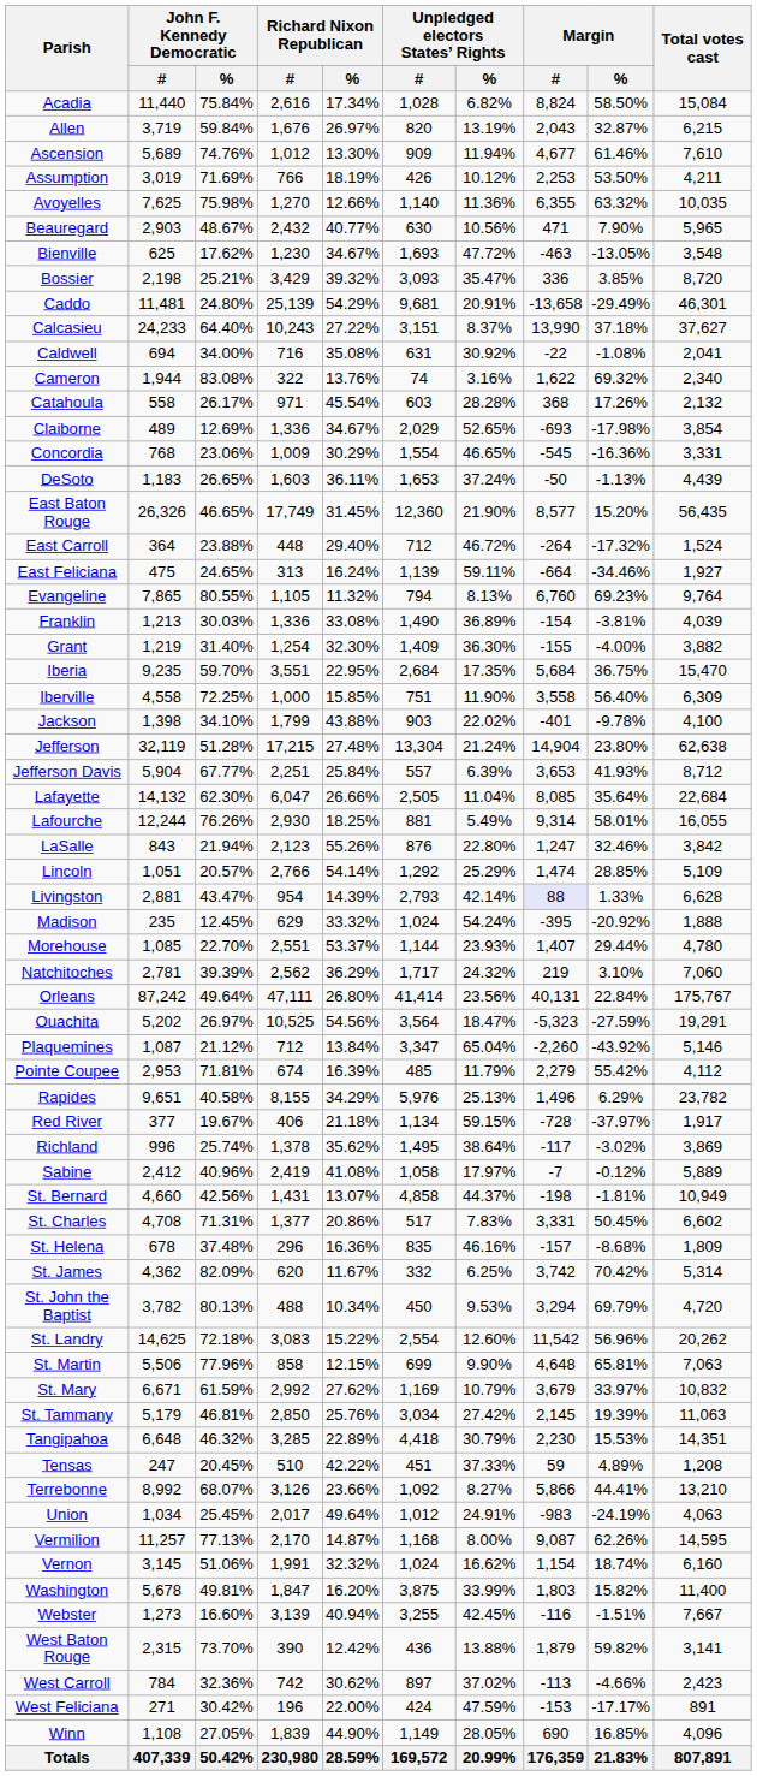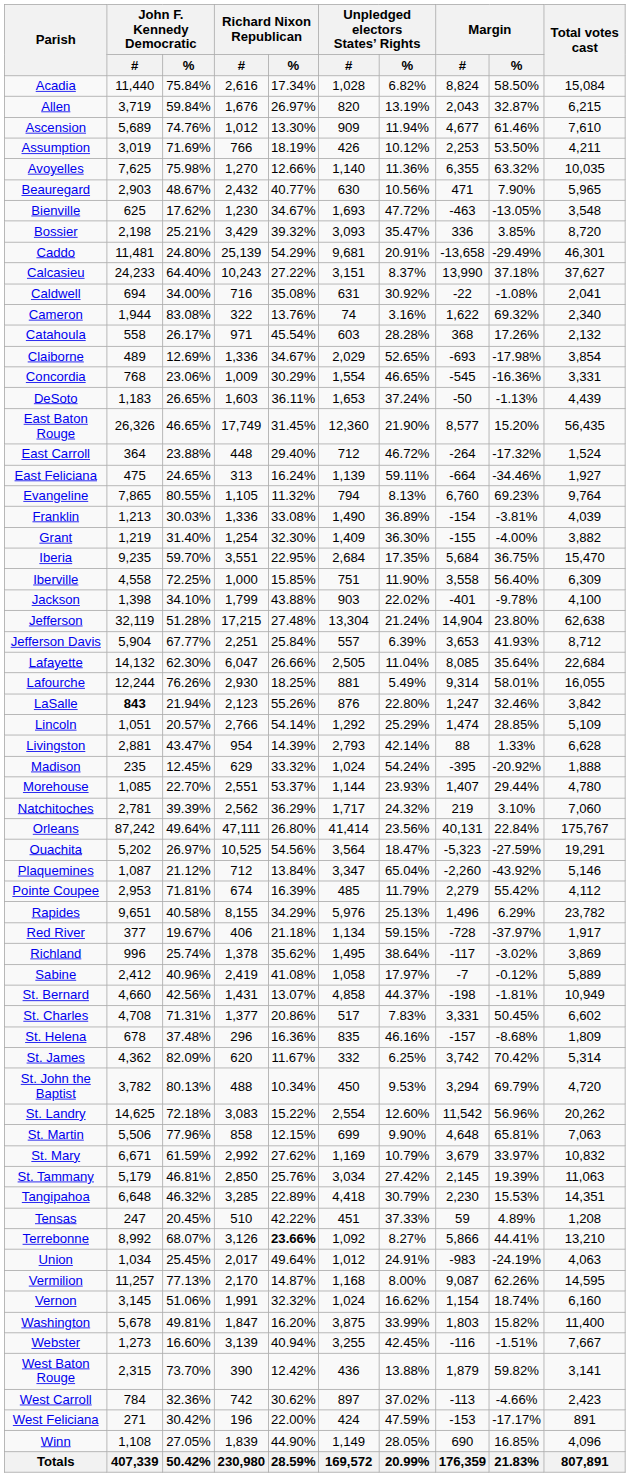 <table width="60%" class="wikitable sortable">
 <tr>
 <th rowspan="2">Parish</th>
 <th colspan="2">John F. Kennedy<br>Democratic</th>
 <th colspan="2">Richard Nixon<br>Republican</th>
 <th colspan="2">Unpledged electors<br>States’ Rights</th>
 <th colspan="2">Margin</th>
 <th rowspan="2">Total votes cast</th>
 </tr>
 <tr>
 <th style="text-align:center;" data-sort-type="number">#</th>
 <th style="text-align:center;" data-sort-type="number">%</th>
 <th style="text-align:center;" data-sort-type="number">#</th>
 <th style="text-align:center;" data-sort-type="number">%</th>
 <th style="text-align:center;" data-sort-type="number">#</th>
 <th style="text-align:center;" data-sort-type="number">%</th>
 <th style="text-align:center;" data-sort-type="number">#</th>
 <th style="text-align:center;" data-sort-type="number">%</th>
 </tr>
 <tr style="text-align:center;">
 <td><a href='#'>Acadia</a></td>
 <td>11,440</td>
 <td>75.84%</td>
 <td>2,616</td>
 <td>17.34%</td>
 <td>1,028</td>
 <td>6.82%</td>
 <td>8,824</td>
 <td>58.50%</td>
 <td>15,084</td>
 </tr>
 <tr style="text-align:center;">
 <td><a href='#'>Allen</a></td>
 <td>3,719</td>
 <td>59.84%</td>
 <td>1,676</td>
 <td>26.97%</td>
 <td>820</td>
 <td>13.19%</td>
 <td>2,043</td>
 <td>32.87%</td>
 <td>6,215</td>
 </tr>
 <tr style="text-align:center;">
 <td><a href='#'>Ascension</a></td>
 <td>5,689</td>
 <td>74.76%</td>
 <td>1,012</td>
 <td>13.30%</td>
 <td>909</td>
 <td>11.94%</td>
 <td>4,677</td>
 <td>61.46%</td>
 <td>7,610</td>
 </tr>
 <tr style="text-align:center;">
 <td><a href='#'>Assumption</a></td>
 <td>3,019</td>
 <td>71.69%</td>
 <td>766</td>
 <td>18.19%</td>
 <td>426</td>
 <td>10.12%</td>
 <td>2,253</td>
 <td>53.50%</td>
 <td>4,211</td>
 </tr>
 <tr style="text-align:center;">
 <td><a href='#'>Avoyelles</a></td>
 <td>7,625</td>
 <td>75.98%</td>
 <td>1,270</td>
 <td>12.66%</td>
 <td>1,140</td>
 <td>11.36%</td>
 <td>6,355</td>
 <td>63.32%</td>
 <td>10,035</td>
 </tr>
 <tr style="text-align:center;">
 <td><a href='#'>Beauregard</a></td>
 <td>2,903</td>
 <td>48.67%</td>
 <td>2,432</td>
 <td>40.77%</td>
 <td>630</td>
 <td>10.56%</td>
 <td>471</td>
 <td>7.90%</td>
 <td>5,965</td>
 </tr>
 <tr style="text-align:center;">
 <td><a href='#'>Bienville</a></td>
 <td>625</td>
 <td>17.62%</td>
 <td>1,230</td>
 <td>34.67%</td>
 <td>1,693</td>
 <td>47.72%</td>
 <td>-463</td>
 <td>-13.05%</td>
 <td>3,548</td>
 </tr>
 <tr style="text-align:center;">
 <td><a href='#'>Bossier</a></td>
 <td>2,198</td>
 <td>25.21%</td>
 <td>3,429</td>
 <td>39.32%</td>
 <td>3,093</td>
 <td>35.47%</td>
 <td>336</td>
 <td>3.85%</td>
 <td>8,720</td>
 </tr>
 <tr style="text-align:center;">
 <td><a href='#'>Caddo</a></td>
 <td>11,481</td>
 <td>24.80%</td>
 <td>25,139</td>
 <td>54.29%</td>
 <td>9,681</td>
 <td>20.91%</td>
 <td>-13,658</td>
 <td>-29.49%</td>
 <td>46,301</td>
 </tr>
 <tr style="text-align:center;">
 <td><a href='#'>Calcasieu</a></td>
 <td>24,233</td>
 <td>64.40%</td>
 <td>10,243</td>
 <td>27.22%</td>
 <td>3,151</td>
 <td>8.37%</td>
 <td>13,990</td>
 <td>37.18%</td>
 <td>37,627</td>
 </tr>
 <tr style="text-align:center;">
 <td><a href='#'>Caldwell</a></td>
 <td>694</td>
 <td>34.00%</td>
 <td>716</td>
 <td>35.08%</td>
 <td>631</td>
 <td>30.92%</td>
 <td>-22</td>
 <td>-1.08%</td>
 <td>2,041</td>
 </tr>
 <tr style="text-align:center;">
 <td><a href='#'>Cameron</a></td>
 <td>1,944</td>
 <td>83.08%</td>
 <td>322</td>
 <td>13.76%</td>
 <td>74</td>
 <td>3.16%</td>
 <td>1,622</td>
 <td>69.32%</td>
 <td>2,340</td>
 </tr>
 <tr style="text-align:center;">
 <td><a href='#'>Catahoula</a></td>
 <td>558</td>
 <td>26.17%</td>
 <td>971</td>
 <td>45.54%</td>
 <td>603</td>
 <td>28.28%</td>
 <td>368</td>
 <td>17.26%</td>
 <td>2,132</td>
 </tr>
 <tr style="text-align:center;">
 <td><a href='#'>Claiborne</a></td>
 <td>489</td>
 <td>12.69%</td>
 <td>1,336</td>
 <td>34.67%</td>
 <td>2,029</td>
 <td>52.65%</td>
 <td>-693</td>
 <td>-17.98%</td>
 <td>3,854</td>
 </tr>
 <tr style="text-align:center;">
 <td><a href='#'>Concordia</a></td>
 <td>768</td>
 <td>23.06%</td>
 <td>1,009</td>
 <td>30.29%</td>
 <td>1,554</td>
 <td>46.65%</td>
 <td>-545</td>
 <td>-16.36%</td>
 <td>3,331</td>
 </tr>
 <tr style="text-align:center;">
 <td><a href='#'>DeSoto</a></td>
 <td>1,183</td>
 <td>26.65%</td>
 <td>1,603</td>
 <td>36.11%</td>
 <td>1,653</td>
 <td>37.24%</td>
 <td>-50</td>
 <td>-1.13%</td>
 <td>4,439</td>
 </tr>
 <tr style="text-align:center;">
 <td><a href='#'>East Baton Rouge</a></td>
 <td>26,326</td>
 <td>46.65%</td>
 <td>17,749</td>
 <td>31.45%</td>
 <td>12,360</td>
 <td>21.90%</td>
 <td>8,577</td>
 <td>15.20%</td>
 <td>56,435</td>
 </tr>
 <tr style="text-align:center;">
 <td><a href='#'>East Carroll</a></td>
 <td>364</td>
 <td>23.88%</td>
 <td>448</td>
 <td>29.40%</td>
 <td>712</td>
 <td>46.72%</td>
 <td>-264</td>
 <td>-17.32%</td>
 <td>1,524</td>
 </tr>
 <tr style="text-align:center;">
 <td><a href='#'>East Feliciana</a></td>
 <td>475</td>
 <td>24.65%</td>
 <td>313</td>
 <td>16.24%</td>
 <td>1,139</td>
 <td>59.11%</td>
 <td>-664</td>
 <td>-34.46%</td>
 <td>1,927</td>
 </tr>
 <tr style="text-align:center;">
 <td><a href='#'>Evangeline</a></td>
 <td>7,865</td>
 <td>80.55%</td>
 <td>1,105</td>
 <td>11.32%</td>
 <td>794</td>
 <td>8.13%</td>
 <td>6,760</td>
 <td>69.23%</td>
 <td>9,764</td>
 </tr>
 <tr style="text-align:center;">
 <td><a href='#'>Franklin</a></td>
 <td>1,213</td>
 <td>30.03%</td>
 <td>1,336</td>
 <td>33.08%</td>
 <td>1,490</td>
 <td>36.89%</td>
 <td>-154</td>
 <td>-3.81%</td>
 <td>4,039</td>
 </tr>
 <tr style="text-align:center;">
 <td><a href='#'>Grant</a></td>
 <td>1,219</td>
 <td>31.40%</td>
 <td>1,254</td>
 <td>32.30%</td>
 <td>1,409</td>
 <td>36.30%</td>
 <td>-155</td>
 <td>-4.00%</td>
 <td>3,882</td>
 </tr>
 <tr style="text-align:center;">
 <td><a href='#'>Iberia</a></td>
 <td>9,235</td>
 <td>59.70%</td>
 <td>3,551</td>
 <td>22.95%</td>
 <td>2,684</td>
 <td>17.35%</td>
 <td>5,684</td>
 <td>36.75%</td>
 <td>15,470</td>
 </tr>
 <tr style="text-align:center;">
 <td><a href='#'>Iberville</a></td>
 <td>4,558</td>
 <td>72.25%</td>
 <td>1,000</td>
 <td>15.85%</td>
 <td>751</td>
 <td>11.90%</td>
 <td>3,558</td>
 <td>56.40%</td>
 <td>6,309</td>
 </tr>
 <tr style="text-align:center;">
 <td><a href='#'>Jackson</a></td>
 <td>1,398</td>
 <td>34.10%</td>
 <td>1,799</td>
 <td>43.88%</td>
 <td>903</td>
 <td>22.02%</td>
 <td>-401</td>
 <td>-9.78%</td>
 <td>4,100</td>
 </tr>
 <tr style="text-align:center;">
 <td><a href='#'>Jefferson</a></td>
 <td>32,119</td>
 <td>51.28%</td>
 <td>17,215</td>
 <td>27.48%</td>
 <td>13,304</td>
 <td>21.24%</td>
 <td>14,904</td>
 <td>23.80%</td>
 <td>62,638</td>
 </tr>
 <tr style="text-align:center;">
 <td><a href='#'>Jefferson Davis</a></td>
 <td>5,904</td>
 <td>67.77%</td>
 <td>2,251</td>
 <td>25.84%</td>
 <td>557</td>
 <td>6.39%</td>
 <td>3,653</td>
 <td>41.93%</td>
 <td>8,712</td>
 </tr>
 <tr style="text-align:center;">
 <td><a href='#'>Lafayette</a></td>
 <td>14,132</td>
 <td>62.30%</td>
 <td>6,047</td>
 <td>26.66%</td>
 <td>2,505</td>
 <td>11.04%</td>
 <td>8,085</td>
 <td>35.64%</td>
 <td>22,684</td>
 </tr>
 <tr style="text-align:center;">
 <td><a href='#'>Lafourche</a></td>
 <td>12,244</td>
 <td>76.26%</td>
 <td>2,930</td>
 <td>18.25%</td>
 <td>881</td>
 <td>5.49%</td>
 <td>9,314</td>
 <td>58.01%</td>
 <td>16,055</td>
 </tr>
 <tr style="text-align:center;">
 <td><a href='#'>LaSalle</a></td>
-<td>843</td>
+<td><strong>843</strong></td>
 <td>21.94%</td>
 <td>2,123</td>
 <td>55.26%</td>
 <td>876</td>
 <td>22.80%</td>
 <td>1,247</td>
 <td>32.46%</td>
 <td>3,842</td>
 </tr>
 <tr style="text-align:center;">
 <td><a href='#'>Lincoln</a></td>
 <td>1,051</td>
 <td>20.57%</td>
 <td>2,766</td>
 <td>54.14%</td>
 <td>1,292</td>
 <td>25.29%</td>
 <td>1,474</td>
 <td>28.85%</td>
 <td>5,109</td>
 </tr>
 <tr style="text-align:center;">
 <td><a href='#'>Livingston</a></td>
 <td>2,881</td>
 <td>43.47%</td>
 <td>954</td>
 <td>14.39%</td>
 <td>2,793</td>
 <td>42.14%</td>
-<td style="background: lavender;">88</td>
+<td>88</td>
 <td>1.33%</td>
 <td>6,628</td>
 </tr>
 <tr style="text-align:center;">
 <td><a href='#'>Madison</a></td>
 <td>235</td>
 <td>12.45%</td>
 <td>629</td>
 <td>33.32%</td>
 <td>1,024</td>
 <td>54.24%</td>
 <td>-395</td>
 <td>-20.92%</td>
 <td>1,888</td>
 </tr>
 <tr style="text-align:center;">
 <td><a href='#'>Morehouse</a></td>
 <td>1,085</td>
 <td>22.70%</td>
 <td>2,551</td>
 <td>53.37%</td>
 <td>1,144</td>
 <td>23.93%</td>
 <td>1,407</td>
 <td>29.44%</td>
 <td>4,780</td>
 </tr>
 <tr style="text-align:center;">
 <td><a href='#'>Natchitoches</a></td>
 <td>2,781</td>
 <td>39.39%</td>
 <td>2,562</td>
 <td>36.29%</td>
 <td>1,717</td>
 <td>24.32%</td>
 <td>219</td>
 <td>3.10%</td>
 <td>7,060</td>
 </tr>
 <tr style="text-align:center;">
 <td><a href='#'>Orleans</a></td>
 <td>87,242</td>
 <td>49.64%</td>
 <td>47,111</td>
 <td>26.80%</td>
 <td>41,414</td>
 <td>23.56%</td>
 <td>40,131</td>
 <td>22.84%</td>
 <td>175,767</td>
 </tr>
 <tr style="text-align:center;">
 <td><a href='#'>Ouachita</a></td>
 <td>5,202</td>
 <td>26.97%</td>
 <td>10,525</td>
 <td>54.56%</td>
 <td>3,564</td>
 <td>18.47%</td>
 <td>-5,323</td>
 <td>-27.59%</td>
 <td>19,291</td>
 </tr>
 <tr style="text-align:center;">
 <td><a href='#'>Plaquemines</a></td>
 <td>1,087</td>
 <td>21.12%</td>
 <td>712</td>
 <td>13.84%</td>
 <td>3,347</td>
 <td>65.04%</td>
 <td>-2,260</td>
 <td>-43.92%</td>
 <td>5,146</td>
 </tr>
 <tr style="text-align:center;">
 <td><a href='#'>Pointe Coupee</a></td>
 <td>2,953</td>
 <td>71.81%</td>
 <td>674</td>
 <td>16.39%</td>
 <td>485</td>
 <td>11.79%</td>
 <td>2,279</td>
 <td>55.42%</td>
 <td>4,112</td>
 </tr>
 <tr style="text-align:center;">
 <td><a href='#'>Rapides</a></td>
 <td>9,651</td>
 <td>40.58%</td>
 <td>8,155</td>
 <td>34.29%</td>
 <td>5,976</td>
 <td>25.13%</td>
 <td>1,496</td>
 <td>6.29%</td>
 <td>23,782</td>
 </tr>
 <tr style="text-align:center;">
 <td><a href='#'>Red River</a></td>
 <td>377</td>
 <td>19.67%</td>
 <td>406</td>
 <td>21.18%</td>
 <td>1,134</td>
 <td>59.15%</td>
 <td>-728</td>
 <td>-37.97%</td>
 <td>1,917</td>
 </tr>
 <tr style="text-align:center;">
 <td><a href='#'>Richland</a></td>
 <td>996</td>
 <td>25.74%</td>
 <td>1,378</td>
 <td>35.62%</td>
 <td>1,495</td>
 <td>38.64%</td>
 <td>-117</td>
 <td>-3.02%</td>
 <td>3,869</td>
 </tr>
 <tr style="text-align:center;">
 <td><a href='#'>Sabine</a></td>
 <td>2,412</td>
 <td>40.96%</td>
 <td>2,419</td>
 <td>41.08%</td>
 <td>1,058</td>
 <td>17.97%</td>
 <td>-7</td>
 <td>-0.12%</td>
 <td>5,889</td>
 </tr>
 <tr style="text-align:center;">
 <td><a href='#'>St. Bernard</a></td>
 <td>4,660</td>
 <td>42.56%</td>
 <td>1,431</td>
 <td>13.07%</td>
 <td>4,858</td>
 <td>44.37%</td>
 <td>-198</td>
 <td>-1.81%</td>
 <td>10,949</td>
 </tr>
 <tr style="text-align:center;">
 <td><a href='#'>St. Charles</a></td>
 <td>4,708</td>
 <td>71.31%</td>
 <td>1,377</td>
 <td>20.86%</td>
 <td>517</td>
 <td>7.83%</td>
 <td>3,331</td>
 <td>50.45%</td>
 <td>6,602</td>
 </tr>
 <tr style="text-align:center;">
 <td><a href='#'>St. Helena</a></td>
 <td>678</td>
 <td>37.48%</td>
 <td>296</td>
 <td>16.36%</td>
 <td>835</td>
 <td>46.16%</td>
 <td>-157</td>
 <td>-8.68%</td>
 <td>1,809</td>
 </tr>
 <tr style="text-align:center;">
 <td><a href='#'>St. James</a></td>
 <td>4,362</td>
 <td>82.09%</td>
 <td>620</td>
 <td>11.67%</td>
 <td>332</td>
 <td>6.25%</td>
 <td>3,742</td>
 <td>70.42%</td>
 <td>5,314</td>
 </tr>
 <tr style="text-align:center;">
 <td><a href='#'>St. John the Baptist</a></td>
 <td>3,782</td>
 <td>80.13%</td>
 <td>488</td>
 <td>10.34%</td>
 <td>450</td>
 <td>9.53%</td>
 <td>3,294</td>
 <td>69.79%</td>
 <td>4,720</td>
 </tr>
 <tr style="text-align:center;">
 <td><a href='#'>St. Landry</a></td>
 <td>14,625</td>
 <td>72.18%</td>
 <td>3,083</td>
 <td>15.22%</td>
 <td>2,554</td>
 <td>12.60%</td>
 <td>11,542</td>
 <td>56.96%</td>
 <td>20,262</td>
 </tr>
 <tr style="text-align:center;">
 <td><a href='#'>St. Martin</a></td>
 <td>5,506</td>
 <td>77.96%</td>
 <td>858</td>
 <td>12.15%</td>
 <td>699</td>
 <td>9.90%</td>
 <td>4,648</td>
 <td>65.81%</td>
 <td>7,063</td>
 </tr>
 <tr style="text-align:center;">
 <td><a href='#'>St. Mary</a></td>
 <td>6,671</td>
 <td>61.59%</td>
 <td>2,992</td>
 <td>27.62%</td>
 <td>1,169</td>
 <td>10.79%</td>
 <td>3,679</td>
 <td>33.97%</td>
 <td>10,832</td>
 </tr>
 <tr style="text-align:center;">
 <td><a href='#'>St. Tammany</a></td>
 <td>5,179</td>
 <td>46.81%</td>
 <td>2,850</td>
 <td>25.76%</td>
 <td>3,034</td>
 <td>27.42%</td>
 <td>2,145</td>
 <td>19.39%</td>
 <td>11,063</td>
 </tr>
 <tr style="text-align:center;">
 <td><a href='#'>Tangipahoa</a></td>
 <td>6,648</td>
 <td>46.32%</td>
 <td>3,285</td>
 <td>22.89%</td>
 <td>4,418</td>
 <td>30.79%</td>
 <td>2,230</td>
 <td>15.53%</td>
 <td>14,351</td>
 </tr>
 <tr style="text-align:center;">
 <td><a href='#'>Tensas</a></td>
 <td>247</td>
 <td>20.45%</td>
 <td>510</td>
 <td>42.22%</td>
 <td>451</td>
 <td>37.33%</td>
 <td>59</td>
 <td>4.89%</td>
 <td>1,208</td>
 </tr>
 <tr style="text-align:center;">
 <td><a href='#'>Terrebonne</a></td>
 <td>8,992</td>
 <td>68.07%</td>
 <td>3,126</td>
-<td>23.66%</td>
+<td><strong>23.66%</strong></td>
 <td>1,092</td>
 <td>8.27%</td>
 <td>5,866</td>
 <td>44.41%</td>
 <td>13,210</td>
 </tr>
 <tr style="text-align:center;">
 <td><a href='#'>Union</a></td>
 <td>1,034</td>
 <td>25.45%</td>
 <td>2,017</td>
 <td>49.64%</td>
 <td>1,012</td>
 <td>24.91%</td>
 <td>-983</td>
 <td>-24.19%</td>
 <td>4,063</td>
 </tr>
 <tr style="text-align:center;">
 <td><a href='#'>Vermilion</a></td>
 <td>11,257</td>
 <td>77.13%</td>
 <td>2,170</td>
 <td>14.87%</td>
 <td>1,168</td>
 <td>8.00%</td>
 <td>9,087</td>
 <td>62.26%</td>
 <td>14,595</td>
 </tr>
 <tr style="text-align:center;">
 <td><a href='#'>Vernon</a></td>
 <td>3,145</td>
 <td>51.06%</td>
 <td>1,991</td>
 <td>32.32%</td>
 <td>1,024</td>
 <td>16.62%</td>
 <td>1,154</td>
 <td>18.74%</td>
 <td>6,160</td>
 </tr>
 <tr style="text-align:center;">
 <td><a href='#'>Washington</a></td>
 <td>5,678</td>
 <td>49.81%</td>
 <td>1,847</td>
 <td>16.20%</td>
 <td>3,875</td>
 <td>33.99%</td>
 <td>1,803</td>
 <td>15.82%</td>
 <td>11,400</td>
 </tr>
 <tr style="text-align:center;">
 <td><a href='#'>Webster</a></td>
 <td>1,273</td>
 <td>16.60%</td>
 <td>3,139</td>
 <td>40.94%</td>
 <td>3,255</td>
 <td>42.45%</td>
 <td>-116</td>
 <td>-1.51%</td>
 <td>7,667</td>
 </tr>
 <tr style="text-align:center;">
 <td><a href='#'>West Baton Rouge</a></td>
 <td>2,315</td>
 <td>73.70%</td>
 <td>390</td>
 <td>12.42%</td>
 <td>436</td>
 <td>13.88%</td>
 <td>1,879</td>
 <td>59.82%</td>
 <td>3,141</td>
 </tr>
 <tr style="text-align:center;">
 <td><a href='#'>West Carroll</a></td>
 <td>784</td>
 <td>32.36%</td>
 <td>742</td>
 <td>30.62%</td>
 <td>897</td>
 <td>37.02%</td>
 <td>-113</td>
 <td>-4.66%</td>
 <td>2,423</td>
 </tr>
 <tr style="text-align:center;">
 <td><a href='#'>West Feliciana</a></td>
 <td>271</td>
 <td>30.42%</td>
 <td>196</td>
 <td>22.00%</td>
 <td>424</td>
 <td>47.59%</td>
 <td>-153</td>
 <td>-17.17%</td>
 <td>891</td>
 </tr>
 <tr style="text-align:center;">
 <td><a href='#'>Winn</a></td>
 <td>1,108</td>
 <td>27.05%</td>
 <td>1,839</td>
 <td>44.90%</td>
 <td>1,149</td>
 <td>28.05%</td>
 <td>690</td>
 <td>16.85%</td>
 <td>4,096</td>
 </tr>
 <tr style="text-align:center;">
 <th>Totals</th>
 <th>407,339</th>
 <th>50.42%</th>
 <th>230,980</th>
 <th>28.59%</th>
 <th>169,572</th>
 <th>20.99%</th>
 <th>176,359</th>
 <th>21.83%</th>
 <th>807,891</th>
 </tr>
 </table>
